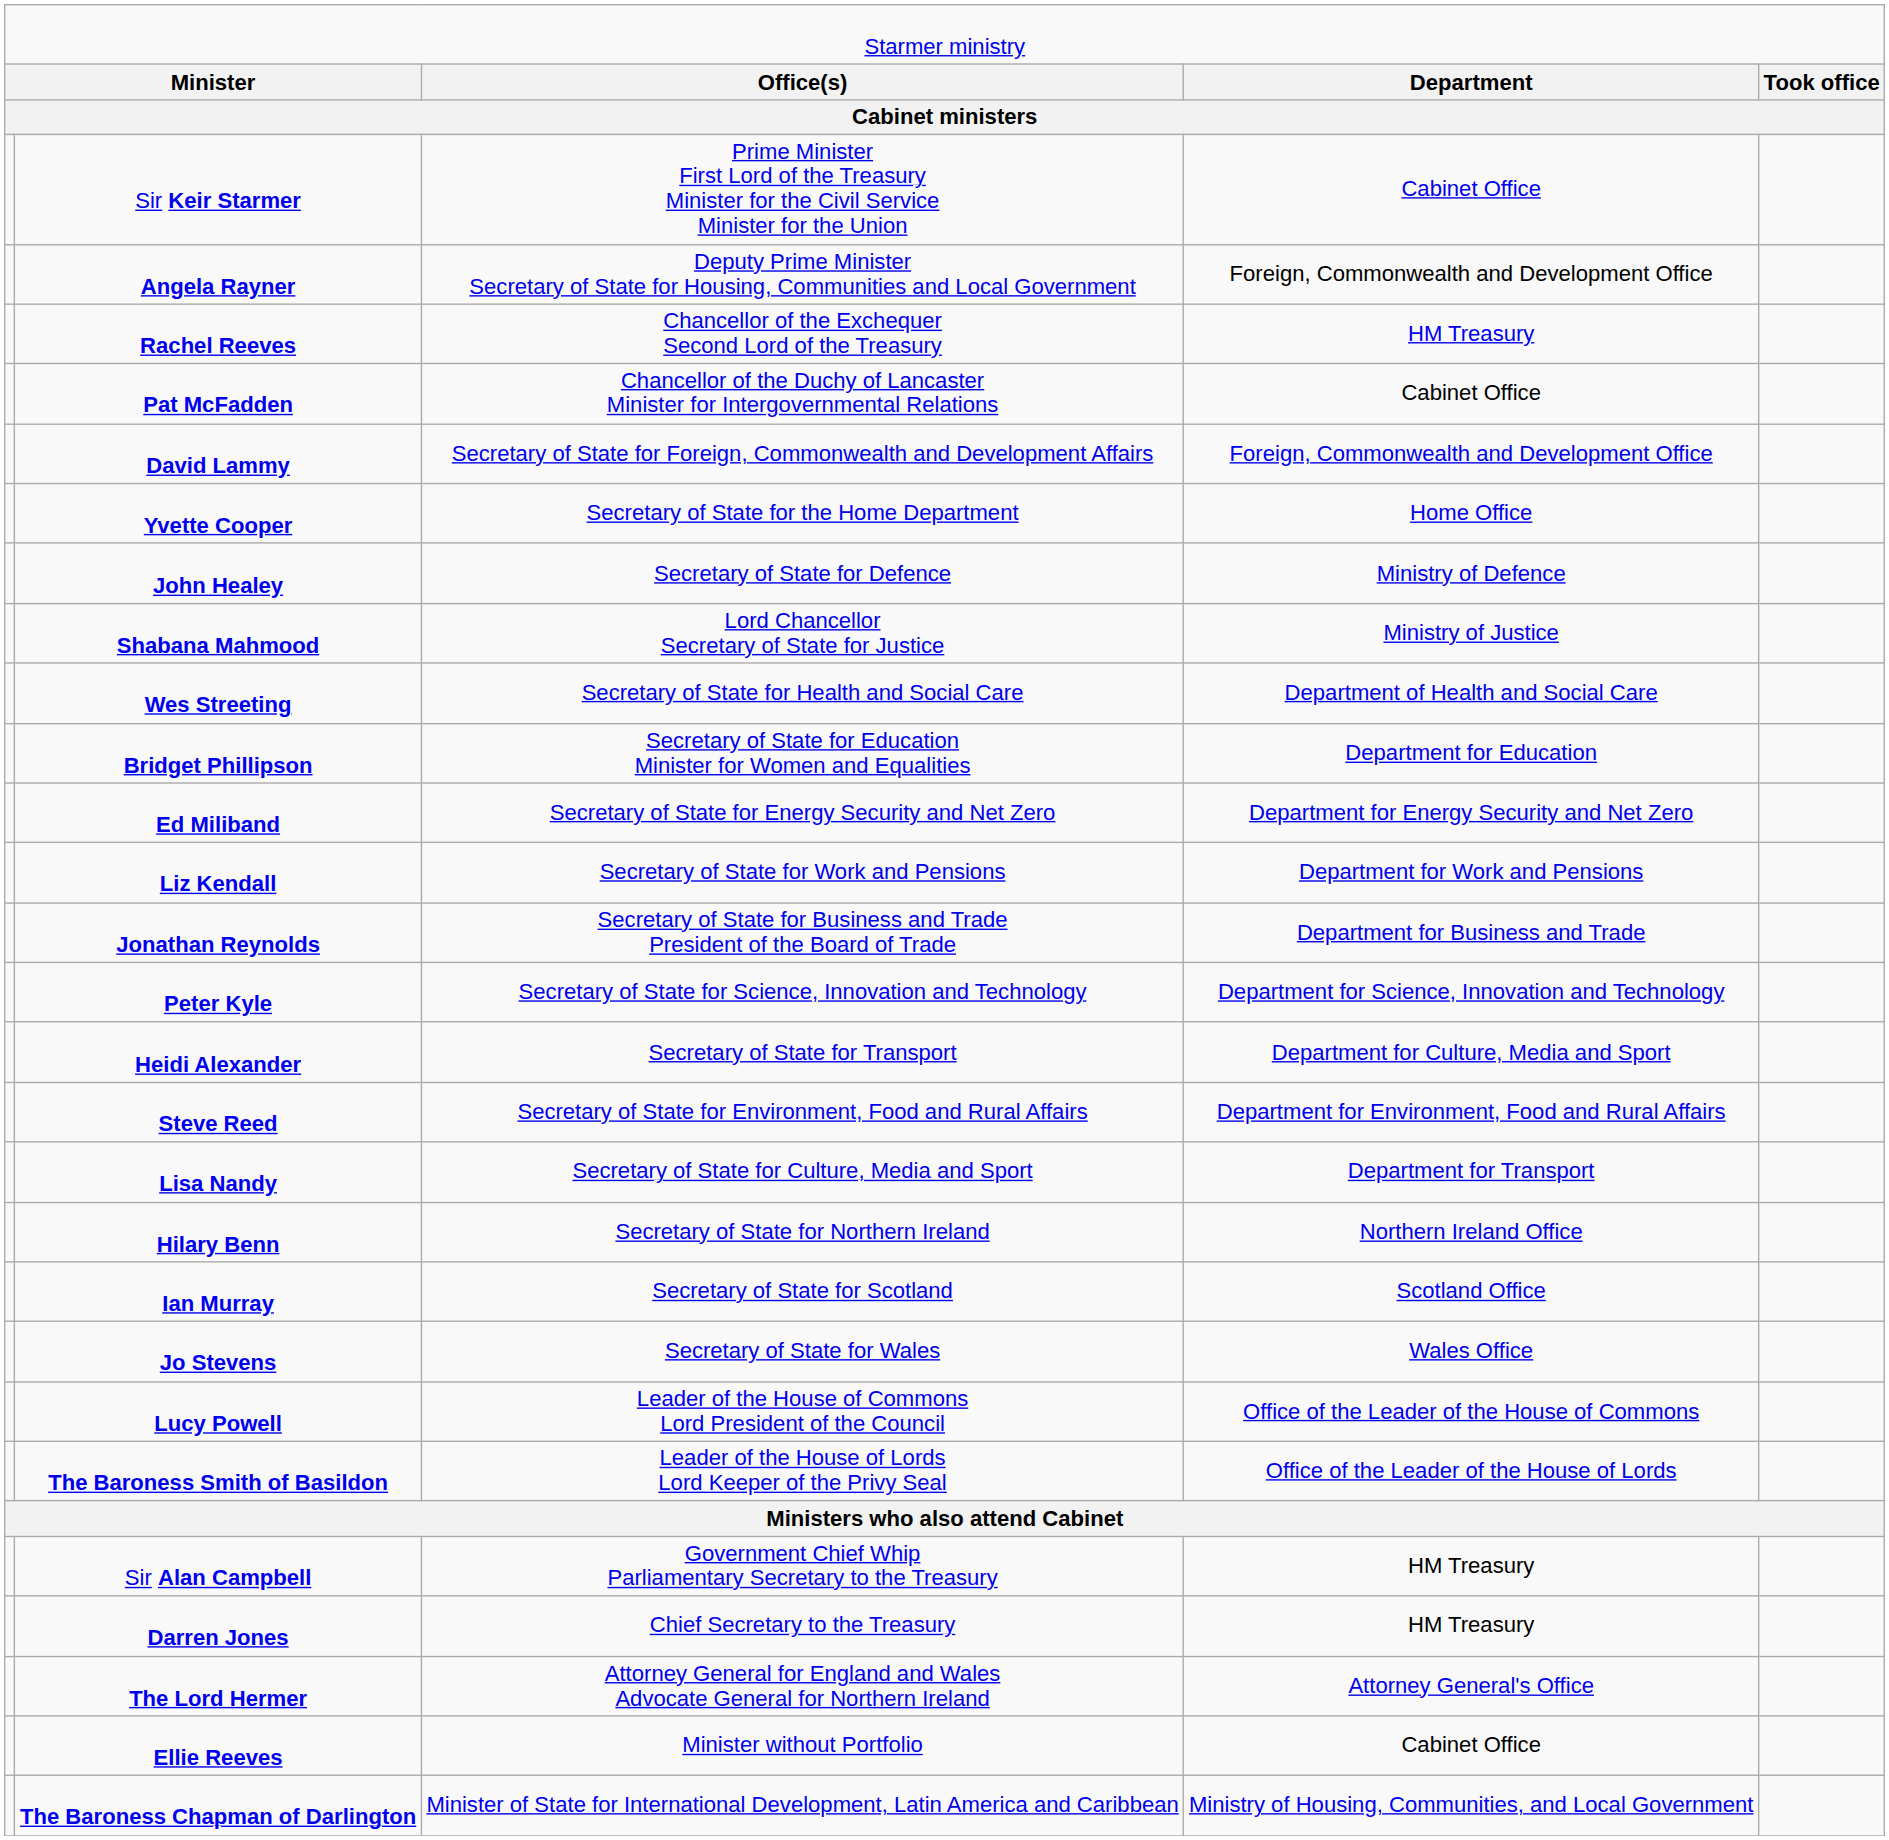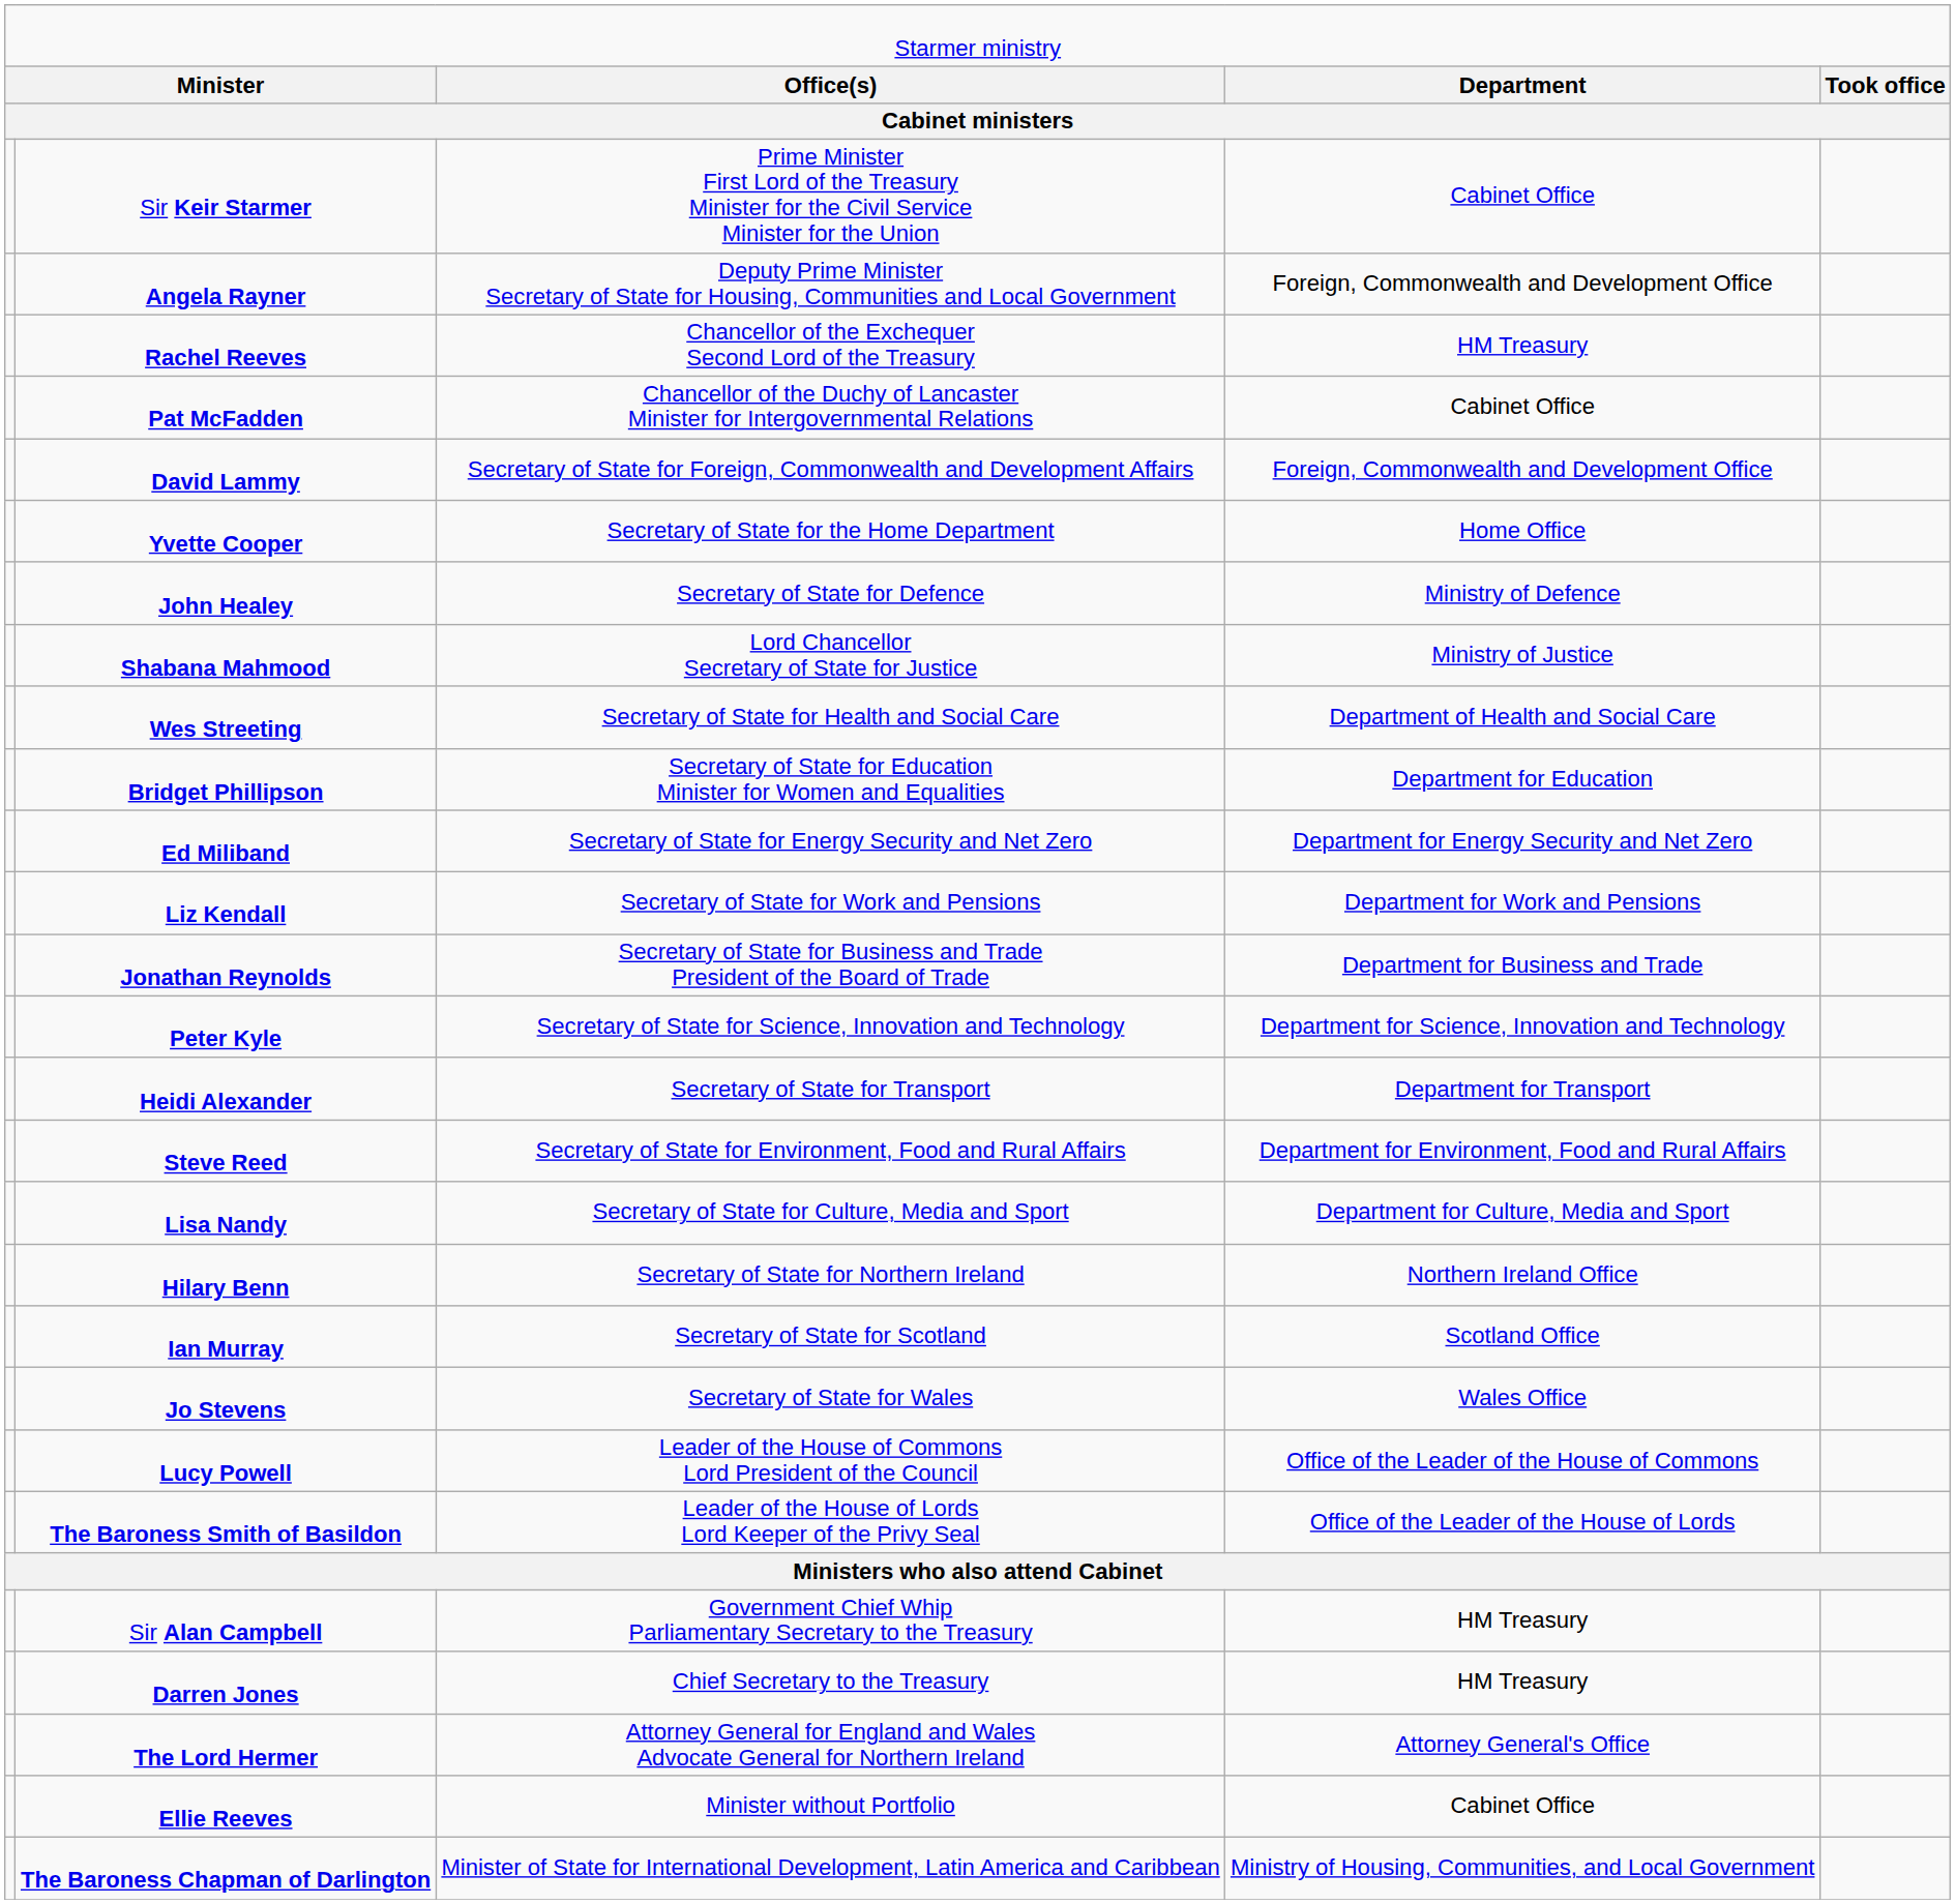 <table class="wikitable" style="text-align:center">
 <tr>
 <td colspan=5><br><a href='#'>Starmer ministry</a></td>
 </tr>
 <tr>
 <th colspan=2 scope="col">Minister<br></th>
 <th>Office(s)</th>
 <th>Department</th>
 <th>Took office</th>
 </tr>
 <tr>
 <th colspan=5>Cabinet ministers</th>
 </tr>
 <tr>
 <td></td>
 <td scope="row"><br><a href='#'>Sir</a> <strong><a href='#'>Keir Starmer</a></strong><br></td>
 <td><a href='#'>Prime Minister</a><br><a href='#'>First Lord of the Treasury</a><br> <a href='#'>Minister for the Civil Service</a><br> <a href='#'>Minister for the Union</a></td>
 <td><a href='#'>Cabinet Office</a></td>
 <td></td>
 </tr>
 <tr>
 <td></td>
 <td scope="row"><br><strong><a href='#'>Angela Rayner</a></strong><br></td>
 <td><a href='#'>Deputy Prime Minister</a><br><a href='#'>Secretary of State for Housing, Communities and Local Government</a></td>
 <td>Foreign, Commonwealth and Development Office</td>
 <td></td>
 </tr>
 <tr>
 <td></td>
 <td scope="row"><br><strong><a href='#'>Rachel Reeves</a></strong><br></td>
 <td><a href='#'>Chancellor of the Exchequer</a><br><a href='#'>Second Lord of the Treasury</a></td>
 <td><a href='#'>HM Treasury</a></td>
 <td></td>
 </tr>
 <tr>
 <td></td>
 <td scope="row"><br><strong><a href='#'>Pat McFadden</a></strong><br></td>
 <td><a href='#'>Chancellor of the Duchy of Lancaster</a><br><a href='#'>Minister for Intergovernmental Relations</a></td>
 <td>Cabinet Office</td>
 <td></td>
 </tr>
 <tr>
 <td></td>
 <td scope="row"><br><strong><a href='#'>David Lammy</a></strong><br></td>
 <td><a href='#'>Secretary of State for Foreign, Commonwealth and Development Affairs</a></td>
 <td><a href='#'>Foreign, Commonwealth and Development Office</a></td>
 <td></td>
 </tr>
 <tr>
 <td></td>
 <td scope="row"><br><strong><a href='#'>Yvette Cooper</a></strong><br></td>
 <td><a href='#'>Secretary of State for the Home Department</a></td>
 <td><a href='#'>Home Office</a></td>
 <td></td>
 </tr>
 <tr>
 <td></td>
 <td scope="row"><br><strong><a href='#'>John Healey</a></strong><br></td>
 <td><a href='#'>Secretary of State for Defence</a></td>
 <td><a href='#'>Ministry of Defence</a></td>
 <td></td>
 </tr>
 <tr>
 <td></td>
 <td scope="row"><br><strong><a href='#'>Shabana Mahmood</a></strong><br></td>
 <td><a href='#'>Lord Chancellor</a><br><a href='#'>Secretary of State for Justice</a></td>
 <td><a href='#'>Ministry of Justice</a></td>
 <td></td>
 </tr>
 <tr>
 <td></td>
 <td scope="row"><br><strong><a href='#'>Wes Streeting</a></strong><br></td>
 <td><a href='#'>Secretary of State for Health and Social Care</a></td>
 <td><a href='#'>Department of Health and Social Care</a></td>
 <td></td>
 </tr>
 <tr>
 <td></td>
 <td scope="row"><br><strong><a href='#'>Bridget Phillipson</a></strong><br></td>
 <td><a href='#'>Secretary of State for Education</a><br><a href='#'>Minister for Women and Equalities</a></td>
 <td><a href='#'>Department for Education</a></td>
 <td></td>
 </tr>
 <tr>
 <td></td>
 <td scope="row"><br><strong><a href='#'>Ed Miliband</a></strong><br></td>
 <td><a href='#'>Secretary of State for Energy Security and Net Zero</a></td>
 <td><a href='#'>Department for Energy Security and Net Zero</a></td>
 <td></td>
 </tr>
 <tr>
 <td></td>
 <td scope="row"><br><strong><a href='#'>Liz Kendall</a></strong><br></td>
 <td><a href='#'>Secretary of State for Work and Pensions</a></td>
 <td><a href='#'>Department for Work and Pensions</a></td>
 <td></td>
 </tr>
 <tr>
 <td></td>
 <td scope="row"><br><strong><a href='#'>Jonathan Reynolds</a></strong><br></td>
 <td><a href='#'>Secretary of State for Business and Trade</a><br><a href='#'>President of the Board of Trade</a></td>
 <td><a href='#'>Department for Business and Trade</a><br></td>
 <td></td>
 </tr>
 <tr>
 <td></td>
 <td scope="row"><br><strong><a href='#'>Peter Kyle</a></strong><br></td>
 <td><a href='#'>Secretary of State for Science, Innovation and Technology</a></td>
 <td><a href='#'>Department for Science, Innovation and Technology</a></td>
 <td></td>
 </tr>
 <tr>
 <td></td>
 <td scope="row"><br><strong><a href='#'>Heidi Alexander</a></strong><br></td>
 <td><a href='#'>Secretary of State for Transport</a></td>
-<td><a href='#'>Department for Culture, Media and Sport</a></td>
+<td><a href='#'>Department for Transport</a></td>
 <td></td>
 </tr>
 <tr>
 <td></td>
 <td scope="row"><br><strong><a href='#'>Steve Reed</a></strong><br></td>
 <td><a href='#'>Secretary of State for Environment, Food and Rural Affairs</a></td>
 <td><a href='#'>Department for Environment, Food and Rural Affairs</a></td>
 <td></td>
 </tr>
 <tr>
 <td></td>
 <td scope="row"><br><strong><a href='#'>Lisa Nandy</a></strong><br></td>
 <td><a href='#'>Secretary of State for Culture, Media and Sport</a></td>
-<td><a href='#'>Department for Transport</a></td>
+<td><a href='#'>Department for Culture, Media and Sport</a></td>
 <td></td>
 </tr>
 <tr>
 <td></td>
 <td scope="row"><br><strong><a href='#'>Hilary Benn</a></strong><br></td>
 <td><a href='#'>Secretary of State for Northern Ireland</a></td>
 <td><a href='#'>Northern Ireland Office</a></td>
 <td></td>
 </tr>
 <tr>
 <td></td>
 <td scope="row"><br><strong><a href='#'>Ian Murray</a></strong><br></td>
 <td><a href='#'>Secretary of State for Scotland</a></td>
 <td><a href='#'>Scotland Office</a></td>
 <td></td>
 </tr>
 <tr>
 <td></td>
 <td scope="row"><br><strong><a href='#'>Jo Stevens</a></strong><br></td>
 <td><a href='#'>Secretary of State for Wales</a></td>
 <td><a href='#'>Wales Office</a></td>
 <td></td>
 </tr>
 <tr>
 <td></td>
 <td scope="row"><br><strong><a href='#'>Lucy Powell</a></strong><br></td>
 <td><a href='#'>Leader of the House of Commons</a><br><a href='#'>Lord President of the Council</a></td>
 <td><a href='#'>Office of the Leader of the House of Commons</a></td>
 <td></td>
 </tr>
 <tr>
 <td></td>
 <td scope="row"><br><strong><a href='#'>The Baroness Smith of Basildon</a></strong><br></td>
 <td><a href='#'>Leader of the House of Lords</a><br><a href='#'>Lord Keeper of the Privy Seal</a></td>
 <td><a href='#'>Office of the Leader of the House of Lords</a></td>
 <td></td>
 </tr>
 <tr>
 <th colspan=5>Ministers who also attend Cabinet</th>
 </tr>
 <tr>
 <td></td>
 <td scope="row"><br><a href='#'>Sir</a> <strong><a href='#'>Alan Campbell</a></strong><br></td>
 <td><a href='#'>Government Chief Whip</a><br><a href='#'>Parliamentary Secretary to the Treasury</a></td>
 <td>HM Treasury</td>
 <td></td>
 </tr>
 <tr>
 <td></td>
 <td scope="row"><br><strong><a href='#'>Darren Jones</a></strong><br></td>
 <td><a href='#'>Chief Secretary to the Treasury</a></td>
 <td>HM Treasury</td>
 <td></td>
 </tr>
 <tr>
 <td></td>
 <td scope="row"><br><strong><a href='#'>The Lord Hermer</a></strong><br></td>
 <td><a href='#'>Attorney General for England and Wales</a><br><a href='#'>Advocate General for Northern Ireland</a></td>
 <td><a href='#'>Attorney General's Office</a></td>
 <td></td>
 </tr>
 <tr>
 <td></td>
 <td scope="row"><br><strong><a href='#'>Ellie Reeves</a></strong><br></td>
 <td><a href='#'>Minister without Portfolio</a></td>
 <td>Cabinet Office</td>
 <td></td>
 </tr>
 <tr>
 <td></td>
 <td><br><strong><a href='#'> The Baroness Chapman of Darlington</a></strong><br></td>
 <td><a href='#'>Minister of State for International Development, Latin America and Caribbean</a></td>
 <td><a href='#'>Ministry of Housing, Communities, and Local Government</a></td>
 <td></td>
 </tr>
 </table>
